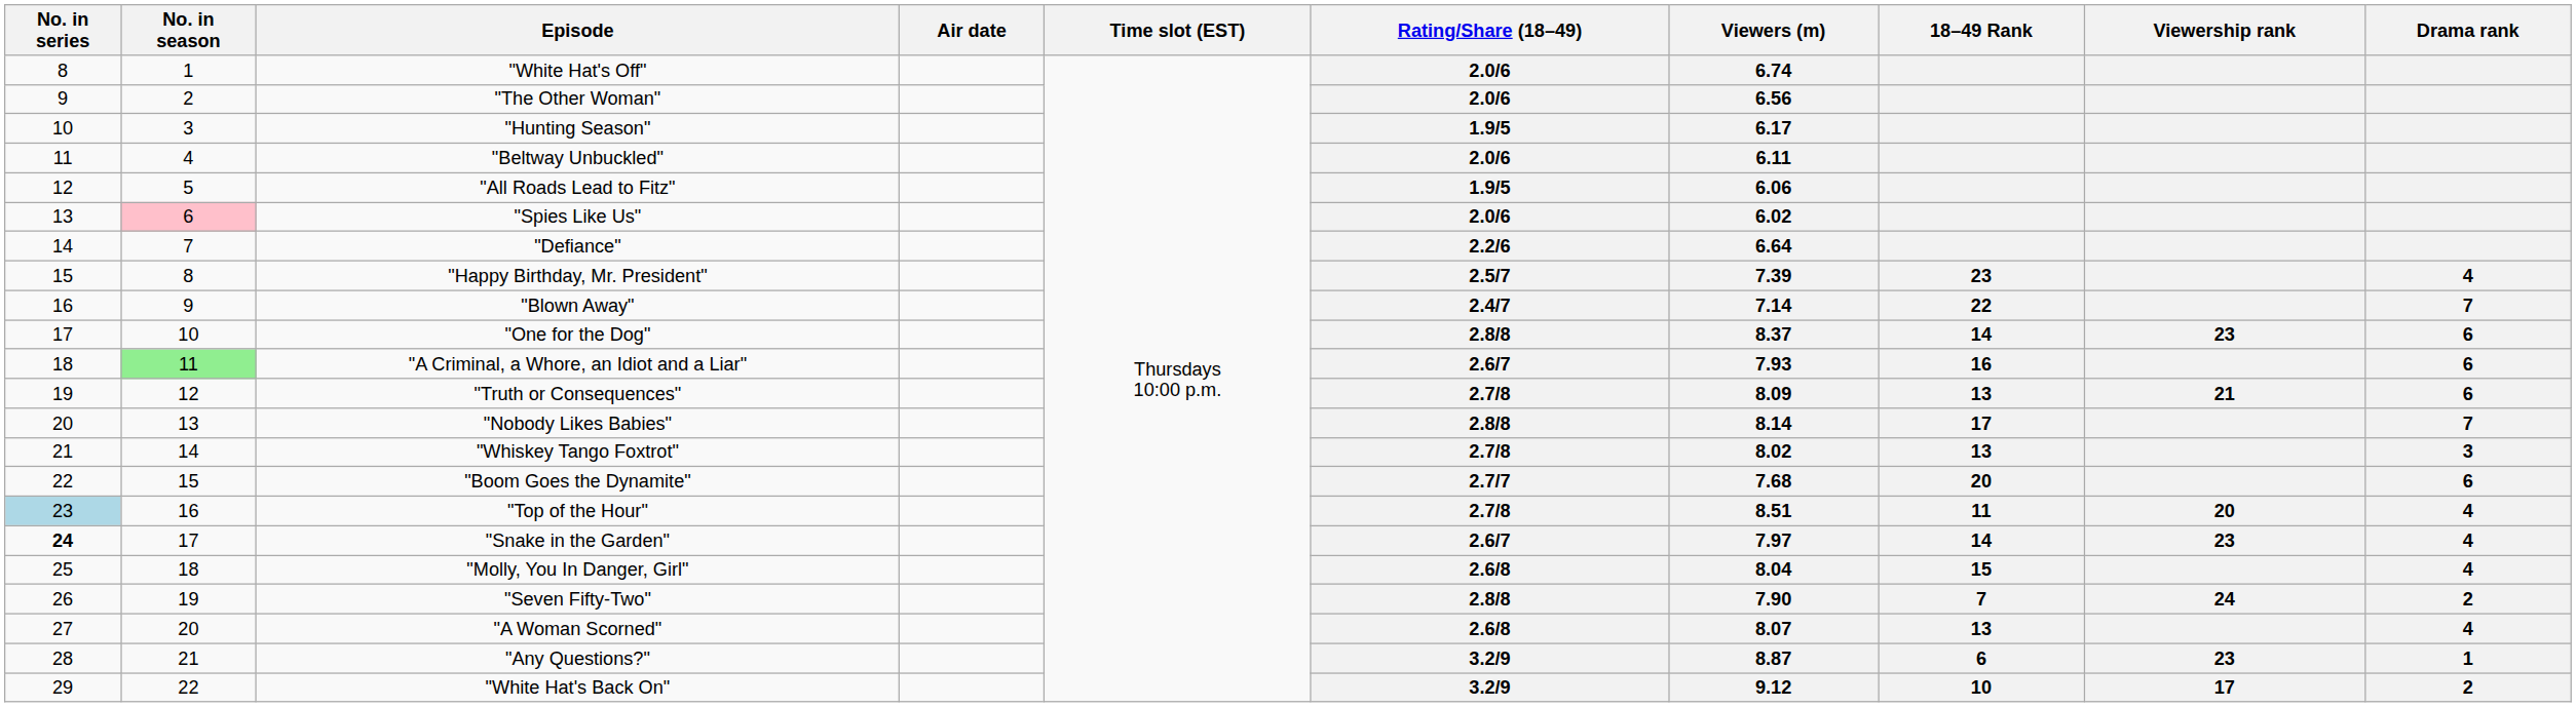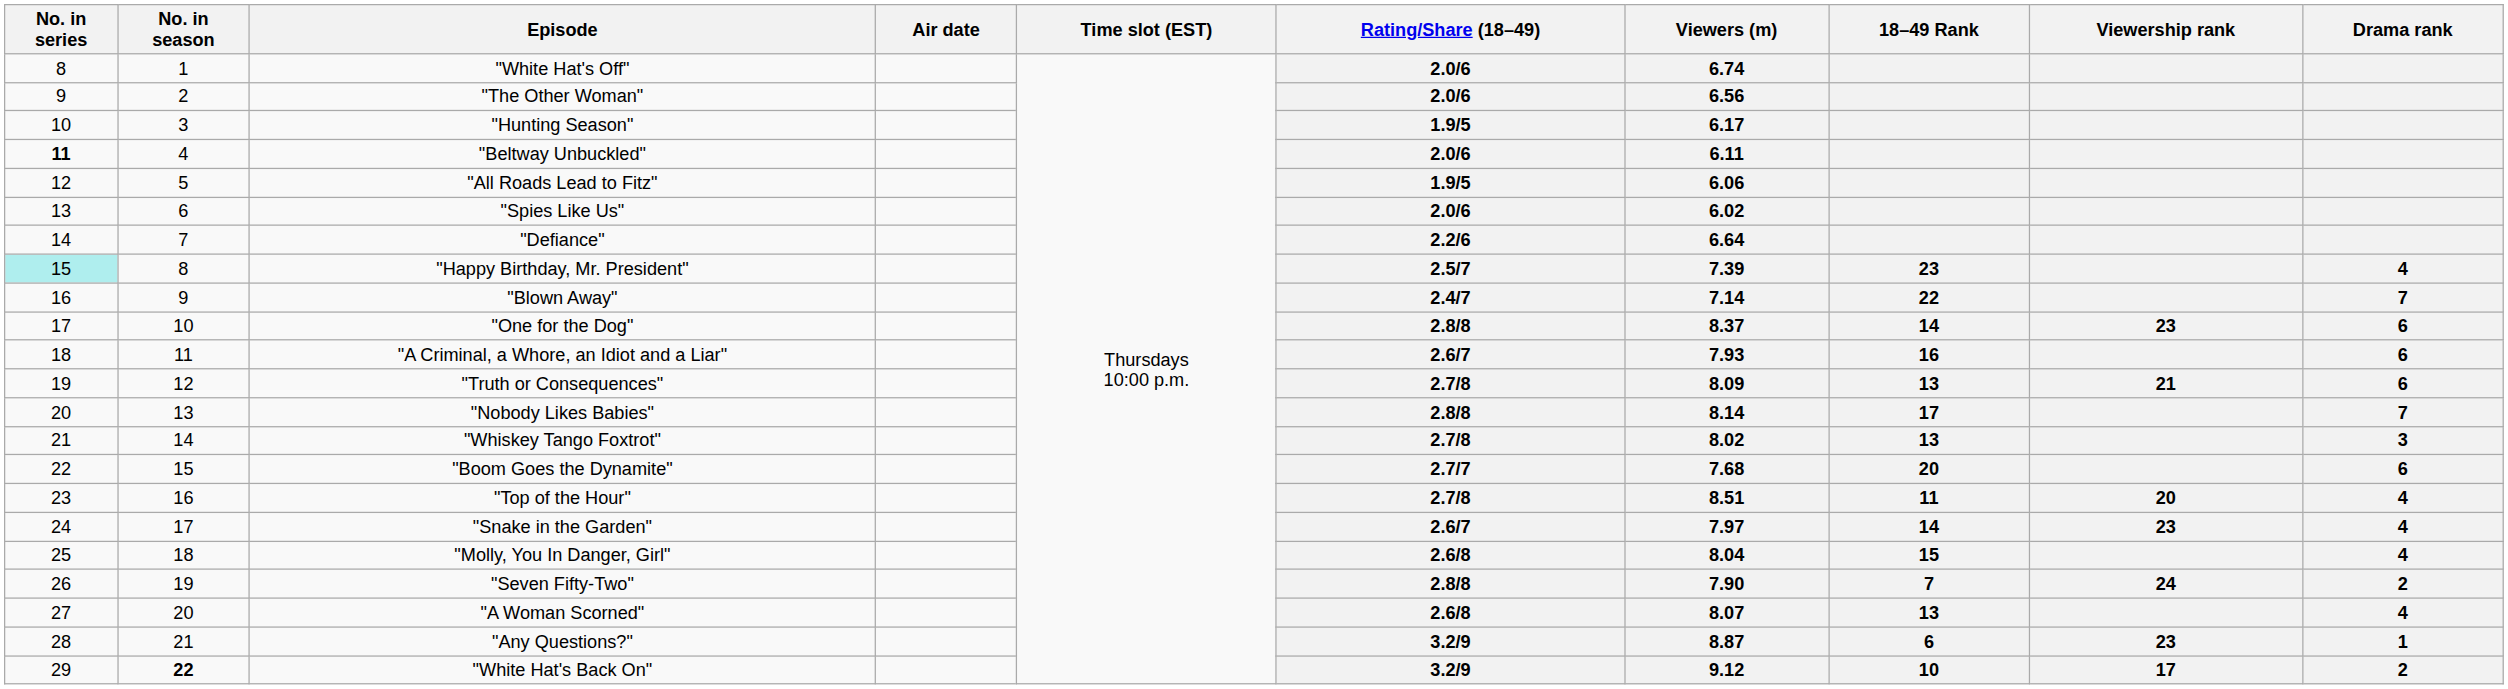 <table class="wikitable" style="font-size:90%; text-align:center; width: 100%; margin-left: auto; margin-right: auto;">
 <tr>
 <th>No. in<br>series</th>
 <th>No. in<br>season</th>
 <th>Episode</th>
 <th>Air date</th>
 <th>Time slot (EST)</th>
 <th><a href='#'>Rating/Share</a> (18–49)</th>
 <th>Viewers (m)</th>
 <th>18–49 Rank</th>
 <th>Viewership rank</th>
 <th>Drama rank</th>
 </tr>
 <tr>
 <td style="text-align:center">8</td>
 <td style="text-align:center">1</td>
 <td>"White Hat's Off"</td>
 <td></td>
 <td style="text-align:center" rowspan=22>Thursdays<br>10:00 p.m.</td>
 <th style="text-align:center">2.0/6</th>
 <th style="text-align:center">6.74</th>
 <th></th>
 <th></th>
 <th></th>
 </tr>
 <tr>
 <td style="text-align:center">9</td>
 <td style="text-align:center">2</td>
 <td>"The Other Woman"</td>
 <td></td>
 <th style="text-align:center">2.0/6</th>
 <th style="text-align:center">6.56</th>
 <th></th>
 <th></th>
 <th></th>
 </tr>
 <tr>
 <td style="text-align:center">10</td>
 <td style="text-align:center">3</td>
 <td>"Hunting Season"</td>
 <td></td>
 <th style="text-align:center">1.9/5</th>
 <th style="text-align:center">6.17</th>
 <th></th>
 <th></th>
 <th></th>
 </tr>
 <tr>
-<td style="text-align:center">11</td>
+<td style="text-align:center"><strong>11</strong></td>
 <td style="text-align:center">4</td>
 <td>"Beltway Unbuckled"</td>
 <td></td>
 <th style="text-align:center">2.0/6</th>
 <th style="text-align:center">6.11</th>
 <th></th>
 <th></th>
 <th></th>
 </tr>
 <tr>
 <td style="text-align:center">12</td>
 <td style="text-align:center">5</td>
 <td>"All Roads Lead to Fitz"</td>
 <td></td>
 <th style="text-align:center">1.9/5</th>
 <th style="text-align:center">6.06</th>
 <th></th>
 <th></th>
 <th></th>
 </tr>
 <tr>
 <td style="text-align:center">13</td>
-<td style="background: pink; text-align:center">6</td>
+<td style="text-align:center">6</td>
 <td>"Spies Like Us"</td>
 <td></td>
 <th style="text-align:center">2.0/6</th>
 <th style="text-align:center">6.02</th>
 <th></th>
 <th></th>
 <th></th>
 </tr>
 <tr>
 <td style="text-align:center">14</td>
 <td style="text-align:center">7</td>
 <td>"Defiance"</td>
 <td></td>
 <th style="text-align:center">2.2/6</th>
 <th style="text-align:center">6.64</th>
 <th></th>
 <th></th>
 <th></th>
 </tr>
 <tr>
-<td style="text-align:center">15</td>
+<td style="background: paleturquoise; text-align:center">15</td>
 <td style="text-align:center">8</td>
 <td>"Happy Birthday, Mr. President"</td>
 <td></td>
 <th style="text-align:center">2.5/7</th>
 <th style="text-align:center">7.39</th>
 <th style="text-align:center">23</th>
 <th></th>
 <th style="text-align:center">4</th>
 </tr>
 <tr>
 <td style="text-align:center">16</td>
 <td style="text-align:center">9</td>
 <td>"Blown Away"</td>
 <td></td>
 <th style="text-align:center">2.4/7</th>
 <th style="text-align:center">7.14</th>
 <th style="text-align:center">22</th>
 <th></th>
 <th style="text-align:center">7</th>
 </tr>
 <tr>
 <td style="text-align:center">17</td>
 <td style="text-align:center">10</td>
 <td>"One for the Dog"</td>
 <td></td>
 <th style="text-align:center">2.8/8</th>
 <th style="text-align:center">8.37</th>
 <th style="text-align:center">14</th>
 <th style="text-align:center">23</th>
 <th style="text-align:center">6</th>
 </tr>
 <tr>
 <td style="text-align:center">18</td>
-<td style="background: lightgreen; text-align:center">11</td>
+<td style="text-align:center">11</td>
 <td>"A Criminal, a Whore, an Idiot and a Liar"</td>
 <td></td>
 <th style="text-align:center">2.6/7</th>
 <th style="text-align:center">7.93</th>
 <th style="text-align:center">16</th>
 <th></th>
 <th style="text-align:center">6</th>
 </tr>
 <tr>
 <td style="text-align:center">19</td>
 <td style="text-align:center">12</td>
 <td>"Truth or Consequences"</td>
 <td></td>
 <th style="text-align:center">2.7/8</th>
 <th style="text-align:center">8.09</th>
 <th style="text-align:center">13</th>
 <th style="text-align:center">21</th>
 <th style="text-align:center">6</th>
 </tr>
 <tr>
 <td style="text-align:center">20</td>
 <td style="text-align:center">13</td>
 <td>"Nobody Likes Babies"</td>
 <td></td>
 <th style="text-align:center">2.8/8</th>
 <th style="text-align:center">8.14</th>
 <th style="text-align:center">17</th>
 <th></th>
 <th style="text-align:center">7</th>
 </tr>
 <tr>
 <td style="text-align:center">21</td>
 <td style="text-align:center">14</td>
 <td>"Whiskey Tango Foxtrot"</td>
 <td></td>
 <th style="text-align:center">2.7/8</th>
 <th style="text-align:center">8.02</th>
 <th style="text-align:center">13</th>
 <th></th>
 <th style="text-align:center">3</th>
 </tr>
 <tr>
 <td style="text-align:center">22</td>
 <td style="text-align:center">15</td>
 <td>"Boom Goes the Dynamite"</td>
 <td></td>
 <th style="text-align:center">2.7/7</th>
 <th style="text-align:center">7.68</th>
 <th style="text-align:center">20</th>
 <th></th>
 <th style="text-align:center">6</th>
 </tr>
 <tr>
-<td style="background: lightblue; text-align:center">23</td>
+<td style="text-align:center">23</td>
 <td style="text-align:center">16</td>
 <td>"Top of the Hour"</td>
 <td></td>
 <th style="text-align:center">2.7/8</th>
 <th style="text-align:center">8.51</th>
 <th style="text-align:center">11</th>
 <th style="text-align:center">20</th>
 <th style="text-align:center">4</th>
 </tr>
 <tr>
-<td style="text-align:center"><strong>24</strong></td>
+<td style="text-align:center">24</td>
 <td style="text-align:center">17</td>
 <td>"Snake in the Garden"</td>
 <td></td>
 <th style="text-align:center">2.6/7</th>
 <th style="text-align:center">7.97</th>
 <th style="text-align:center">14</th>
 <th style="text-align:center">23</th>
 <th style="text-align:center">4</th>
 </tr>
 <tr>
 <td style="text-align:center">25</td>
 <td style="text-align:center">18</td>
 <td>"Molly, You In Danger, Girl"</td>
 <td></td>
 <th style="text-align:center">2.6/8</th>
 <th style="text-align:center">8.04</th>
 <th style="text-align:center">15</th>
 <th></th>
 <th style="text-align:center">4</th>
 </tr>
 <tr>
 <td style="text-align:center">26</td>
 <td style="text-align:center">19</td>
 <td>"Seven Fifty-Two"</td>
 <td></td>
 <th style="text-align:center">2.8/8</th>
 <th style="text-align:center">7.90</th>
 <th style="text-align:center">7</th>
 <th style="text-align:center">24</th>
 <th style="text-align:center">2</th>
 </tr>
 <tr>
 <td style="text-align:center">27</td>
 <td style="text-align:center">20</td>
 <td>"A Woman Scorned"</td>
 <td></td>
 <th style="text-align:center">2.6/8</th>
 <th style="text-align:center">8.07</th>
 <th style="text-align:center">13</th>
 <th></th>
 <th style="text-align:center">4</th>
 </tr>
 <tr>
 <td style="text-align:center">28</td>
 <td style="text-align:center">21</td>
 <td>"Any Questions?"</td>
 <td></td>
 <th style="text-align:center">3.2/9</th>
 <th style="text-align:center">8.87</th>
 <th style="text-align:center">6</th>
 <th style="text-align:center">23</th>
 <th style="text-align:center">1</th>
 </tr>
 <tr>
 <td style="text-align:center">29</td>
-<td style="text-align:center">22</td>
+<td style="text-align:center"><strong>22</strong></td>
 <td>"White Hat's Back On"</td>
 <td></td>
 <th style="text-align:center">3.2/9</th>
 <th style="text-align:center">9.12</th>
 <th style="text-align:center">10</th>
 <th style="text-align:center">17</th>
 <th style="text-align:center">2</th>
 </tr>
 </table>
